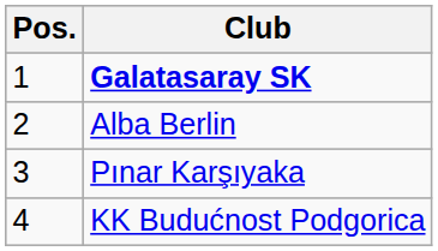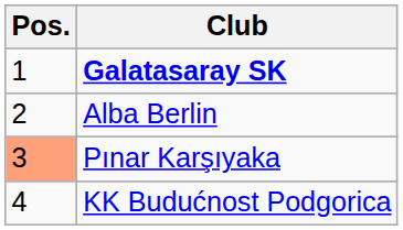 <table class="wikitable">
 <tr>
 <th>Pos.</th>
 <th>Club</th>
 </tr>
 <tr>
 <td>1</td>
 <td> <strong><a href='#'>Galatasaray SK</a></strong></td>
 </tr>
 <tr>
 <td>2</td>
 <td> <a href='#'>Alba Berlin</a></td>
 </tr>
 <tr>
-<td>3</td>
+<td style="background: lightsalmon;">3</td>
 <td> <a href='#'>Pınar Karşıyaka</a></td>
 </tr>
 <tr>
 <td>4</td>
 <td> <a href='#'>KK Budućnost Podgorica</a></td>
 </tr>
 </table>
